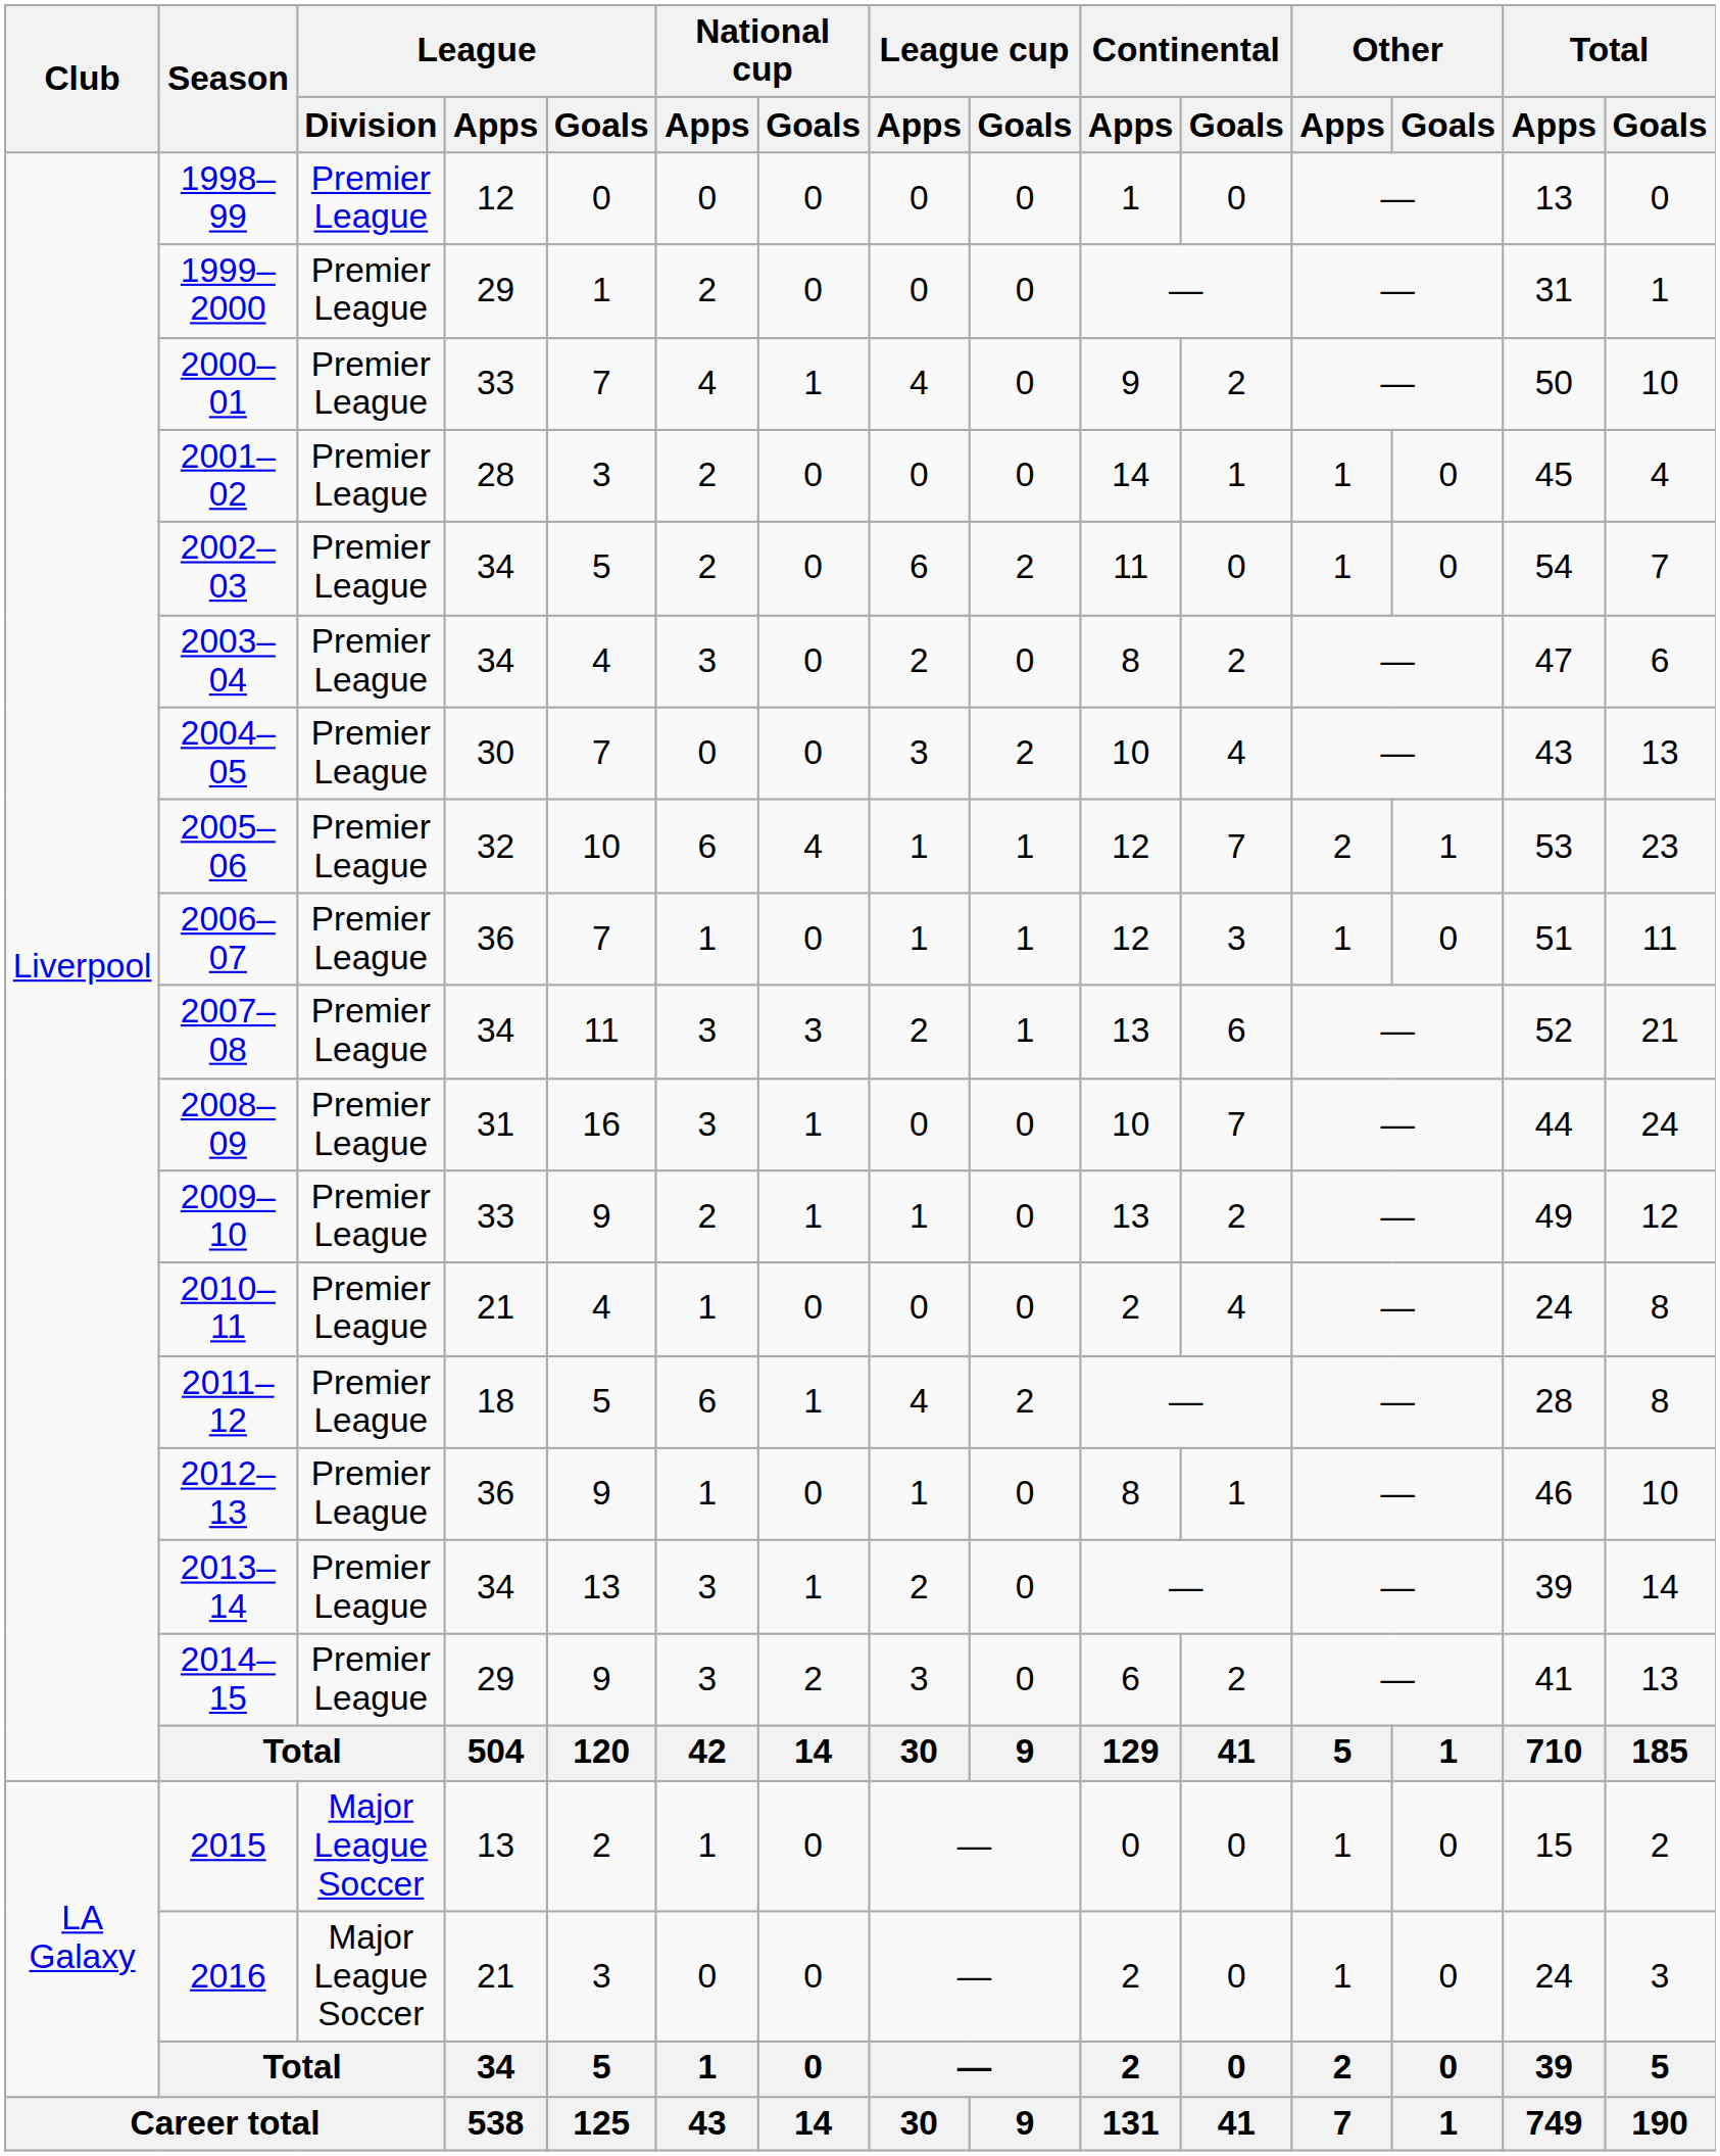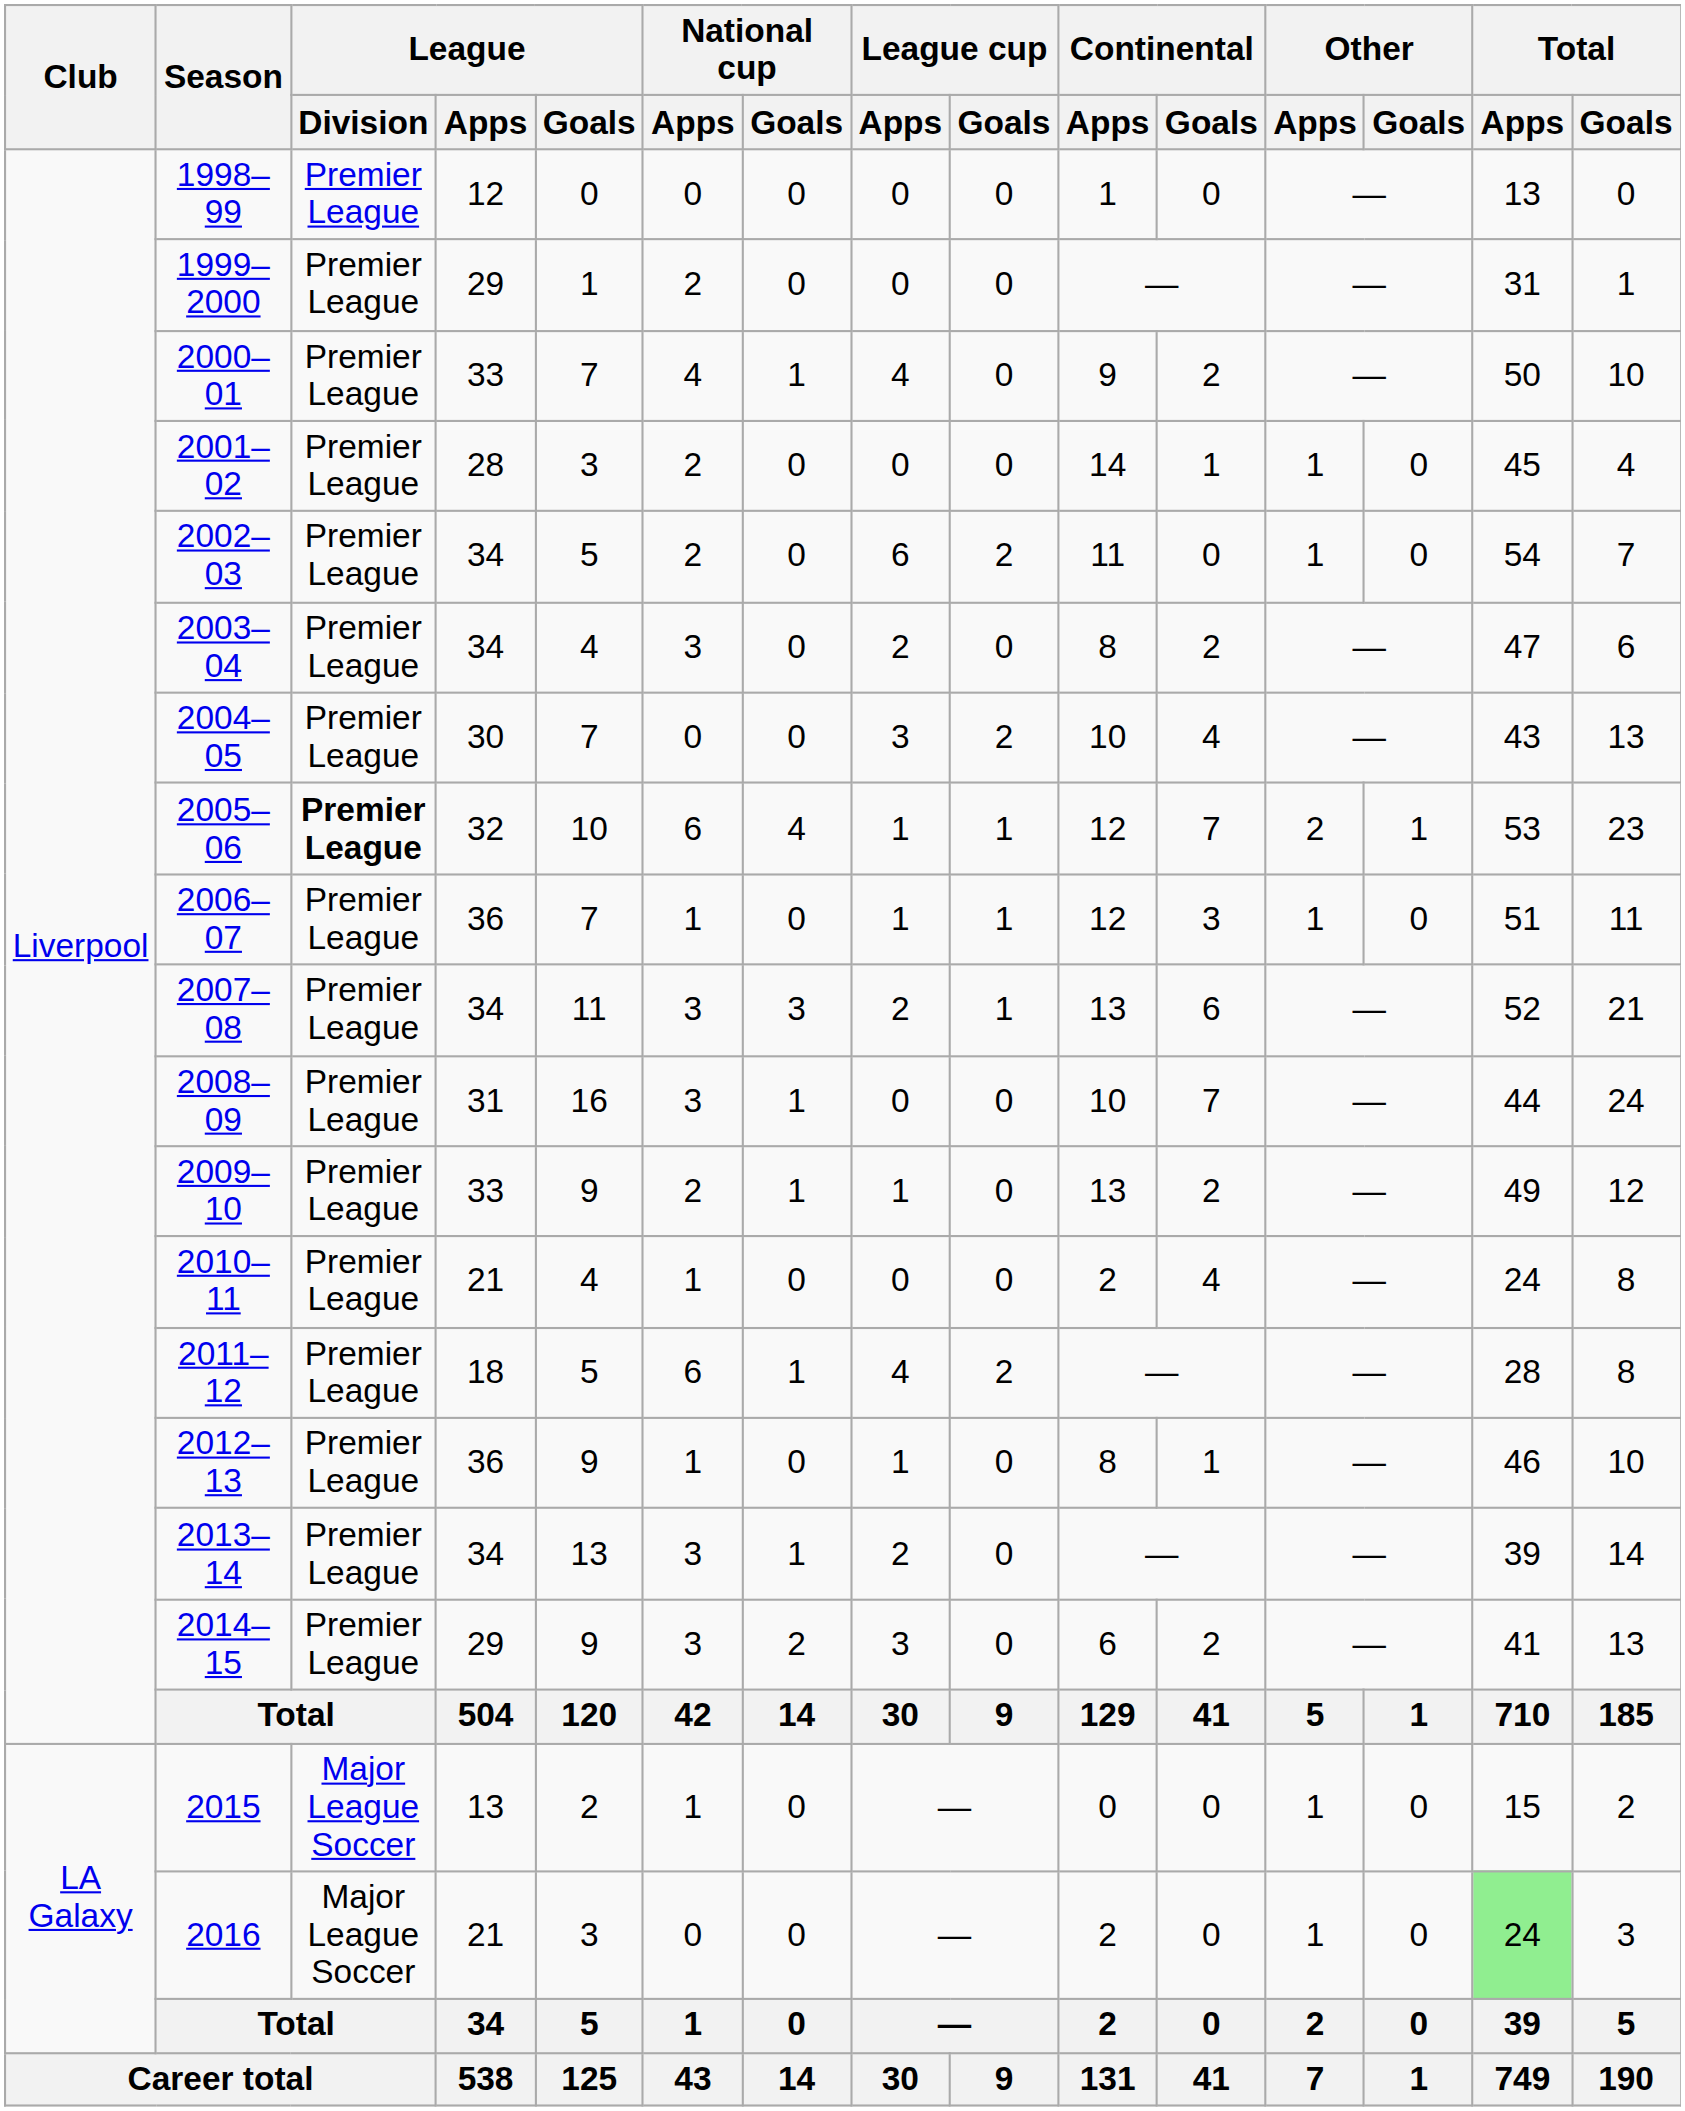 <table class=wikitable style="text-align: center;">
 <tr>
 <th rowspan="2">Club</th>
 <th rowspan="2">Season</th>
 <th colspan="3">League</th>
 <th colspan="2">National cup</th>
 <th colspan="2">League cup</th>
 <th colspan="2">Continental</th>
 <th colspan="2">Other</th>
 <th colspan="2">Total</th>
 </tr>
 <tr>
 <th>Division</th>
 <th>Apps</th>
 <th>Goals</th>
 <th>Apps</th>
 <th>Goals</th>
 <th>Apps</th>
 <th>Goals</th>
 <th>Apps</th>
 <th>Goals</th>
 <th>Apps</th>
 <th>Goals</th>
 <th>Apps</th>
 <th>Goals</th>
 </tr>
 <tr>
 <td rowspan="18"><a href='#'>Liverpool</a></td>
 <td><a href='#'>1998–99</a></td>
 <td><a href='#'>Premier League</a></td>
 <td>12</td>
 <td>0</td>
 <td>0</td>
 <td>0</td>
 <td>0</td>
 <td>0</td>
 <td>1</td>
 <td>0</td>
 <td colspan="2">—</td>
 <td>13</td>
 <td>0</td>
 </tr>
 <tr>
 <td><a href='#'>1999–2000</a></td>
 <td>Premier League</td>
 <td>29</td>
 <td>1</td>
 <td>2</td>
 <td>0</td>
 <td>0</td>
 <td>0</td>
 <td colspan="2">—</td>
 <td colspan="2">—</td>
 <td>31</td>
 <td>1</td>
 </tr>
 <tr>
 <td><a href='#'>2000–01</a></td>
 <td>Premier League</td>
 <td>33</td>
 <td>7</td>
 <td>4</td>
 <td>1</td>
 <td>4</td>
 <td>0</td>
 <td>9</td>
 <td>2</td>
 <td colspan="2">—</td>
 <td>50</td>
 <td>10</td>
 </tr>
 <tr>
 <td><a href='#'>2001–02</a></td>
 <td>Premier League</td>
 <td>28</td>
 <td>3</td>
 <td>2</td>
 <td>0</td>
 <td>0</td>
 <td>0</td>
 <td>14</td>
 <td>1</td>
 <td>1</td>
 <td>0</td>
 <td>45</td>
 <td>4</td>
 </tr>
 <tr>
 <td><a href='#'>2002–03</a></td>
 <td>Premier League</td>
 <td>34</td>
 <td>5</td>
 <td>2</td>
 <td>0</td>
 <td>6</td>
 <td>2</td>
 <td>11</td>
 <td>0</td>
 <td>1</td>
 <td>0</td>
 <td>54</td>
 <td>7</td>
 </tr>
 <tr>
 <td><a href='#'>2003–04</a></td>
 <td>Premier League</td>
 <td>34</td>
 <td>4</td>
 <td>3</td>
 <td>0</td>
 <td>2</td>
 <td>0</td>
 <td>8</td>
 <td>2</td>
 <td colspan="2">—</td>
 <td>47</td>
 <td>6</td>
 </tr>
 <tr>
 <td><a href='#'>2004–05</a></td>
 <td>Premier League</td>
 <td>30</td>
 <td>7</td>
 <td>0</td>
 <td>0</td>
 <td>3</td>
 <td>2</td>
 <td>10</td>
 <td>4</td>
 <td colspan="2">—</td>
 <td>43</td>
 <td>13</td>
 </tr>
 <tr>
 <td><a href='#'>2005–06</a></td>
-<td>Premier League</td>
+<td><strong>Premier League</strong></td>
 <td>32</td>
 <td>10</td>
 <td>6</td>
 <td>4</td>
 <td>1</td>
 <td>1</td>
 <td>12</td>
 <td>7</td>
 <td>2</td>
 <td>1</td>
 <td>53</td>
 <td>23</td>
 </tr>
 <tr>
 <td><a href='#'>2006–07</a></td>
 <td>Premier League</td>
 <td>36</td>
 <td>7</td>
 <td>1</td>
 <td>0</td>
 <td>1</td>
 <td>1</td>
 <td>12</td>
 <td>3</td>
 <td>1</td>
 <td>0</td>
 <td>51</td>
 <td>11</td>
 </tr>
 <tr>
 <td><a href='#'>2007–08</a></td>
 <td>Premier League</td>
 <td>34</td>
 <td>11</td>
 <td>3</td>
 <td>3</td>
 <td>2</td>
 <td>1</td>
 <td>13</td>
 <td>6</td>
 <td colspan="2">—</td>
 <td>52</td>
 <td>21</td>
 </tr>
 <tr>
 <td><a href='#'>2008–09</a></td>
 <td>Premier League</td>
 <td>31</td>
 <td>16</td>
 <td>3</td>
 <td>1</td>
 <td>0</td>
 <td>0</td>
 <td>10</td>
 <td>7</td>
 <td colspan="2">—</td>
 <td>44</td>
 <td>24</td>
 </tr>
 <tr>
 <td><a href='#'>2009–10</a></td>
 <td>Premier League</td>
 <td>33</td>
 <td>9</td>
 <td>2</td>
 <td>1</td>
 <td>1</td>
 <td>0</td>
 <td>13</td>
 <td>2</td>
 <td colspan="2">—</td>
 <td>49</td>
 <td>12</td>
 </tr>
 <tr>
 <td><a href='#'>2010–11</a></td>
 <td>Premier League</td>
 <td>21</td>
 <td>4</td>
 <td>1</td>
 <td>0</td>
 <td>0</td>
 <td>0</td>
 <td>2</td>
 <td>4</td>
 <td colspan="2">—</td>
 <td>24</td>
 <td>8</td>
 </tr>
 <tr>
 <td><a href='#'>2011–12</a></td>
 <td>Premier League</td>
 <td>18</td>
 <td>5</td>
 <td>6</td>
 <td>1</td>
 <td>4</td>
 <td>2</td>
 <td colspan="2">—</td>
 <td colspan="2">—</td>
 <td>28</td>
 <td>8</td>
 </tr>
 <tr>
 <td><a href='#'>2012–13</a></td>
 <td>Premier League</td>
 <td>36</td>
 <td>9</td>
 <td>1</td>
 <td>0</td>
 <td>1</td>
 <td>0</td>
 <td>8</td>
 <td>1</td>
 <td colspan="2">—</td>
 <td>46</td>
 <td>10</td>
 </tr>
 <tr>
 <td><a href='#'>2013–14</a></td>
 <td>Premier League</td>
 <td>34</td>
 <td>13</td>
 <td>3</td>
 <td>1</td>
 <td>2</td>
 <td>0</td>
 <td colspan="2">—</td>
 <td colspan="2">—</td>
 <td>39</td>
 <td>14</td>
 </tr>
 <tr>
 <td><a href='#'>2014–15</a></td>
 <td>Premier League</td>
 <td>29</td>
 <td>9</td>
 <td>3</td>
 <td>2</td>
 <td>3</td>
 <td>0</td>
 <td>6</td>
 <td>2</td>
 <td colspan="2">—</td>
 <td>41</td>
 <td>13</td>
 </tr>
 <tr>
 <th colspan=2>Total</th>
 <th>504</th>
 <th>120</th>
 <th>42</th>
 <th>14</th>
 <th>30</th>
 <th>9</th>
 <th>129</th>
 <th>41</th>
 <th>5</th>
 <th>1</th>
 <th>710</th>
 <th>185</th>
 </tr>
 <tr>
 <td rowspan=3><a href='#'>LA Galaxy</a></td>
 <td><a href='#'>2015</a></td>
 <td><a href='#'>Major League Soccer</a></td>
 <td>13</td>
 <td>2</td>
 <td>1</td>
 <td>0</td>
 <td colspan="2">—</td>
 <td>0</td>
 <td>0</td>
 <td>1</td>
 <td>0</td>
 <td>15</td>
 <td>2</td>
 </tr>
 <tr>
 <td><a href='#'>2016</a></td>
 <td>Major League Soccer</td>
 <td>21</td>
 <td>3</td>
 <td>0</td>
 <td>0</td>
 <td colspan="2">—</td>
 <td>2</td>
 <td>0</td>
 <td>1</td>
 <td>0</td>
-<td>24</td>
+<td style="background: lightgreen;">24</td>
 <td>3</td>
 </tr>
 <tr>
 <th colspan=2>Total</th>
 <th>34</th>
 <th>5</th>
 <th>1</th>
 <th>0</th>
 <th colspan="2">—</th>
 <th>2</th>
 <th>0</th>
 <th>2</th>
 <th>0</th>
 <th>39</th>
 <th>5</th>
 </tr>
 <tr>
 <th colspan=3>Career total</th>
 <th>538</th>
 <th>125</th>
 <th>43</th>
 <th>14</th>
 <th>30</th>
 <th>9</th>
 <th>131</th>
 <th>41</th>
 <th>7</th>
 <th>1</th>
 <th>749</th>
 <th>190</th>
 </tr>
 </table>
